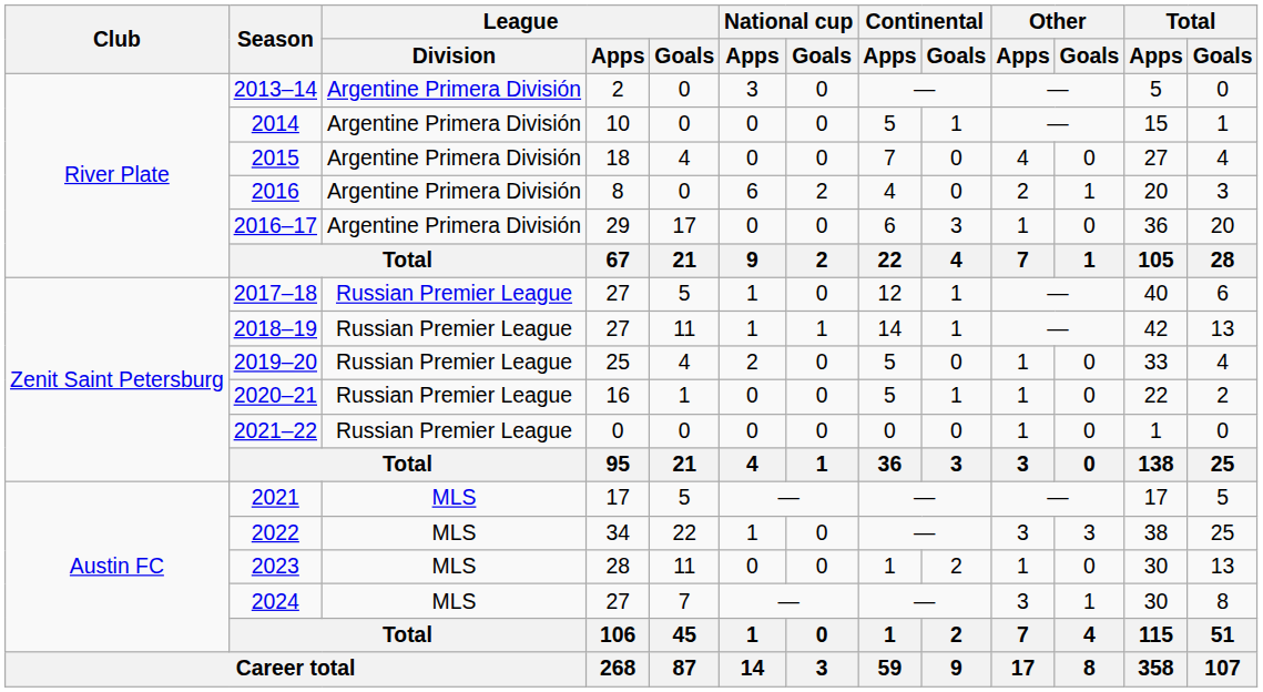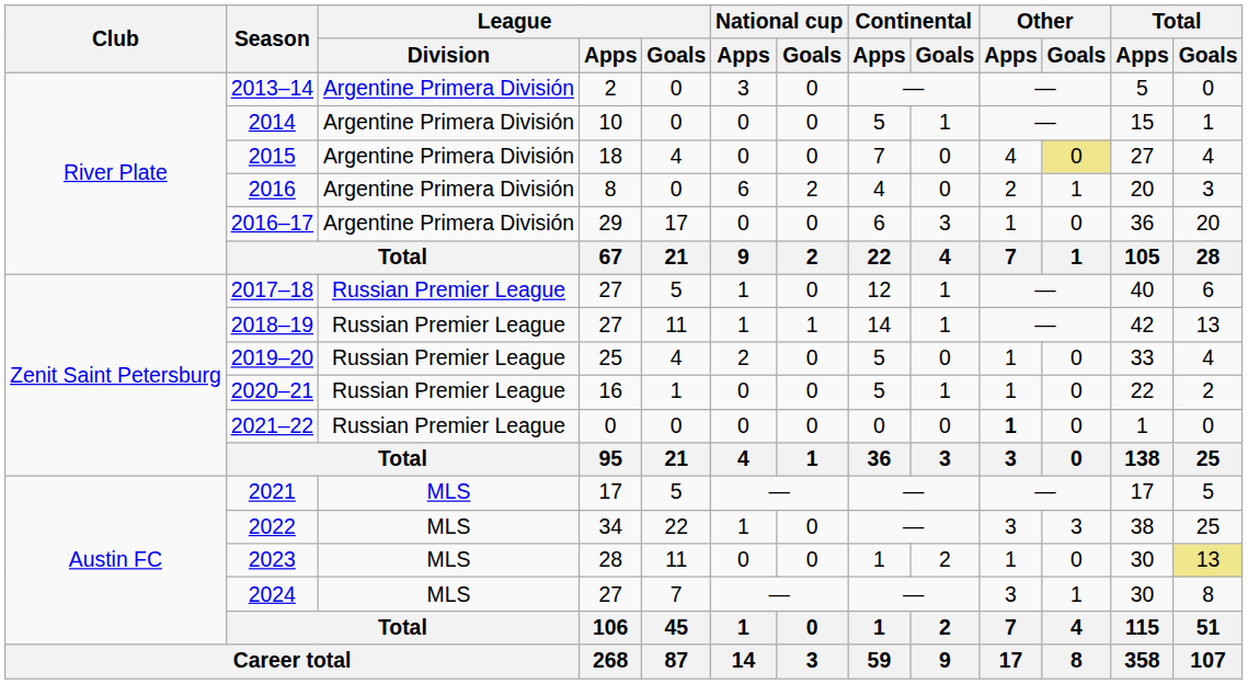 <table class="wikitable" style="text-align:center">
 <tr>
 <th rowspan="2">Club</th>
 <th rowspan="2">Season</th>
 <th colspan="3">League</th>
 <th colspan="2">National cup</th>
 <th colspan="2">Continental</th>
 <th colspan="2">Other</th>
 <th colspan="2">Total</th>
 </tr>
 <tr>
 <th>Division</th>
 <th>Apps</th>
 <th>Goals</th>
 <th>Apps</th>
 <th>Goals</th>
 <th>Apps</th>
 <th>Goals</th>
 <th>Apps</th>
 <th>Goals</th>
 <th>Apps</th>
 <th>Goals</th>
 </tr>
 <tr>
 <td rowspan=6><a href='#'>River Plate</a></td>
 <td><a href='#'>2013–14</a></td>
 <td><a href='#'>Argentine Primera División</a></td>
 <td>2</td>
 <td>0</td>
 <td>3</td>
 <td>0</td>
 <td colspan="2">—</td>
 <td colspan="2">—</td>
 <td>5</td>
 <td>0</td>
 </tr>
 <tr>
 <td><a href='#'>2014</a></td>
 <td>Argentine Primera División</td>
 <td>10</td>
 <td>0</td>
 <td>0</td>
 <td>0</td>
 <td>5</td>
 <td>1</td>
 <td colspan="2">—</td>
 <td>15</td>
 <td>1</td>
 </tr>
 <tr>
 <td><a href='#'>2015</a></td>
 <td>Argentine Primera División</td>
 <td>18</td>
 <td>4</td>
 <td>0</td>
 <td>0</td>
 <td>7</td>
 <td>0</td>
 <td>4</td>
-<td>0</td>
+<td style="background: khaki;">0</td>
 <td>27</td>
 <td>4</td>
 </tr>
 <tr>
 <td><a href='#'>2016</a></td>
 <td>Argentine Primera División</td>
 <td>8</td>
 <td>0</td>
 <td>6</td>
 <td>2</td>
 <td>4</td>
 <td>0</td>
 <td>2</td>
 <td>1</td>
 <td>20</td>
 <td>3</td>
 </tr>
 <tr>
 <td><a href='#'>2016–17</a></td>
 <td>Argentine Primera División</td>
 <td>29</td>
 <td>17</td>
 <td>0</td>
 <td>0</td>
 <td>6</td>
 <td>3</td>
 <td>1</td>
 <td>0</td>
 <td>36</td>
 <td>20</td>
 </tr>
 <tr>
 <th colspan="2">Total</th>
 <th>67</th>
 <th>21</th>
 <th>9</th>
 <th>2</th>
 <th>22</th>
 <th>4</th>
 <th>7</th>
 <th>1</th>
 <th>105</th>
 <th>28</th>
 </tr>
 <tr>
 <td rowspan="6"><a href='#'>Zenit Saint Petersburg</a></td>
 <td><a href='#'>2017–18</a></td>
 <td><a href='#'>Russian Premier League</a></td>
 <td>27</td>
 <td>5</td>
 <td>1</td>
 <td>0</td>
 <td>12</td>
 <td>1</td>
 <td colspan="2">—</td>
 <td>40</td>
 <td>6</td>
 </tr>
 <tr>
 <td><a href='#'>2018–19</a></td>
 <td>Russian Premier League</td>
 <td>27</td>
 <td>11</td>
 <td>1</td>
 <td>1</td>
 <td>14</td>
 <td>1</td>
 <td colspan="2">—</td>
 <td>42</td>
 <td>13</td>
 </tr>
 <tr>
 <td><a href='#'>2019–20</a></td>
 <td>Russian Premier League</td>
 <td>25</td>
 <td>4</td>
 <td>2</td>
 <td>0</td>
 <td>5</td>
 <td>0</td>
 <td>1</td>
 <td>0</td>
 <td>33</td>
 <td>4</td>
 </tr>
 <tr>
 <td><a href='#'>2020–21</a></td>
 <td>Russian Premier League</td>
 <td>16</td>
 <td>1</td>
 <td>0</td>
 <td>0</td>
 <td>5</td>
 <td>1</td>
 <td>1</td>
 <td>0</td>
 <td>22</td>
 <td>2</td>
 </tr>
 <tr>
 <td><a href='#'>2021–22</a></td>
 <td>Russian Premier League</td>
 <td>0</td>
 <td>0</td>
 <td>0</td>
 <td>0</td>
 <td>0</td>
 <td>0</td>
-<td>1</td>
+<td><strong>1</strong></td>
 <td>0</td>
 <td>1</td>
 <td>0</td>
 </tr>
 <tr>
 <th colspan="2">Total</th>
 <th>95</th>
 <th>21</th>
 <th>4</th>
 <th>1</th>
 <th>36</th>
 <th>3</th>
 <th>3</th>
 <th>0</th>
 <th>138</th>
 <th>25</th>
 </tr>
 <tr>
 <td rowspan="5"><a href='#'>Austin FC</a></td>
 <td><a href='#'>2021</a></td>
 <td><a href='#'>MLS</a></td>
 <td>17</td>
 <td>5</td>
 <td colspan="2">—</td>
 <td colspan="2">—</td>
 <td colspan="2">—</td>
 <td>17</td>
 <td>5</td>
 </tr>
 <tr>
 <td><a href='#'>2022</a></td>
 <td>MLS</td>
 <td>34</td>
 <td>22</td>
 <td>1</td>
 <td>0</td>
 <td colspan="2">—</td>
 <td>3</td>
 <td>3</td>
 <td>38</td>
 <td>25</td>
 </tr>
 <tr>
 <td><a href='#'>2023</a></td>
 <td>MLS</td>
 <td>28</td>
 <td>11</td>
 <td>0</td>
 <td>0</td>
 <td>1</td>
 <td>2</td>
 <td>1</td>
 <td>0</td>
 <td>30</td>
-<td>13</td>
+<td style="background: khaki;">13</td>
 </tr>
 <tr>
 <td><a href='#'>2024</a></td>
 <td>MLS</td>
 <td>27</td>
 <td>7</td>
 <td colspan="2">—</td>
 <td colspan="2">—</td>
 <td>3</td>
 <td>1</td>
 <td>30</td>
 <td>8</td>
 </tr>
 <tr>
 <th colspan="2">Total</th>
 <th>106</th>
 <th>45</th>
 <th>1</th>
 <th>0</th>
 <th>1</th>
 <th>2</th>
 <th>7</th>
 <th>4</th>
 <th>115</th>
 <th>51</th>
 </tr>
 <tr>
 <th colspan="3">Career total</th>
 <th>268</th>
 <th>87</th>
 <th>14</th>
 <th>3</th>
 <th>59</th>
 <th>9</th>
 <th>17</th>
 <th>8</th>
 <th>358</th>
 <th>107</th>
 </tr>
 </table>
